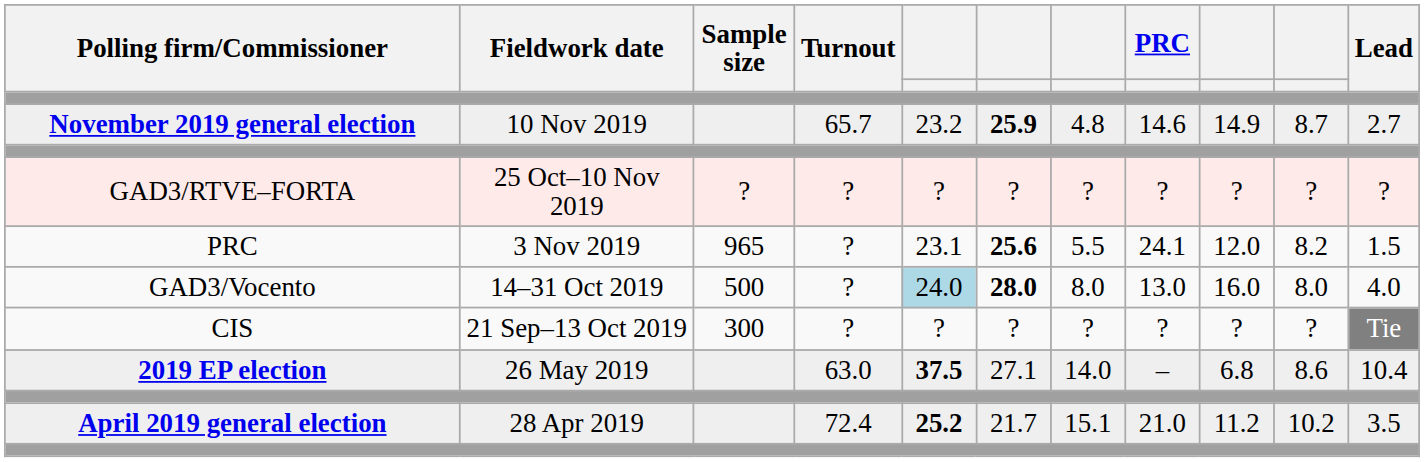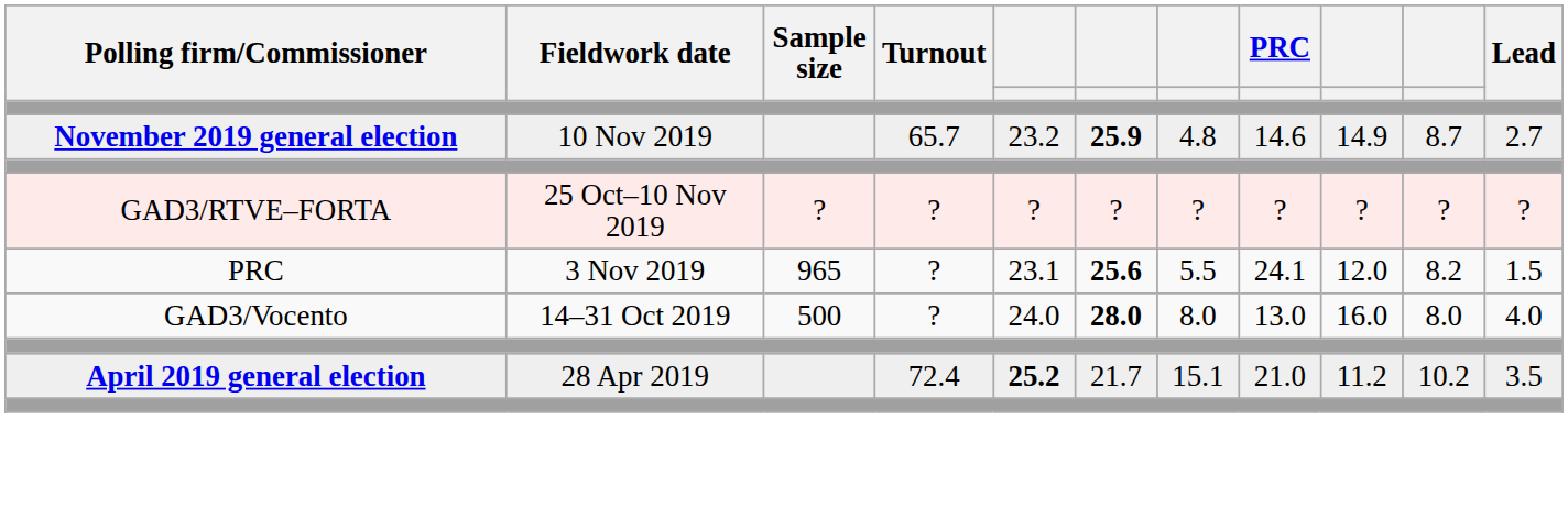 <table class="wikitable collapsible collapsed" style="text-align:center; font-size:95%; line-height:16px;">
 <tr style="height:42px;">
 <th style="width:250px;" rowspan="2">Polling firm/Commissioner</th>
 <th style="width:125px;" rowspan="2">Fieldwork date</th>
 <th style="width:50px;" rowspan="2">Sample size</th>
 <th style="width:45px;" rowspan="2">Turnout</th>
 <th style="width:35px;"></th>
 <th style="width:35px;"></th>
 <th style="width:35px;"></th>
 <th style="width:35px;"><a href='#'>PRC</a></th>
 <th style="width:35px;"></th>
 <th style="width:35px;"></th>
 <th style="width:30px;" rowspan="2">Lead</th>
 </tr>
 <tr>
 <th style="color:inherit;background:"></th>
 <th style="color:inherit;background:"></th>
 <th style="color:inherit;background:"></th>
 <th style="color:inherit;background:"></th>
 <th style="color:inherit;background:"></th>
 <th style="color:inherit;background:"></th>
 </tr>
 <tr>
 <td colspan="11" style="background:#A0A0A0"></td>
 </tr>
 <tr style="background:#EFEFEF;">
 <td><strong><a href='#'>November 2019 general election</a></strong></td>
 <td>10 Nov 2019</td>
 <td></td>
 <td>65.7</td>
 <td>23.2<br></td>
 <td><strong>25.9</strong><br></td>
 <td>4.8<br></td>
 <td>14.6<br></td>
 <td>14.9<br></td>
 <td>8.7<br></td>
 <td style="background:">2.7</td>
 </tr>
 <tr>
 <td colspan="11" style="background:#A0A0A0"></td>
 </tr>
 <tr style="background:#FFEAEA;">
 <td>GAD3/RTVE–FORTA</td>
 <td>25 Oct–10 Nov 2019</td>
 <td>?</td>
 <td>?</td>
 <td>?<br></td>
 <td>?<br></td>
 <td>?<br></td>
 <td>?<br></td>
 <td>?<br></td>
 <td>?<br></td>
 <td style="background:">?</td>
 </tr>
 <tr>
 <td>PRC</td>
 <td>3 Nov 2019</td>
 <td>965</td>
 <td>?</td>
 <td>23.1<br></td>
 <td><strong>25.6</strong><br></td>
 <td>5.5<br></td>
 <td>24.1<br></td>
 <td>12.0<br></td>
 <td>8.2<br></td>
 <td style="background:">1.5</td>
 </tr>
 <tr>
 <td>GAD3/Vocento</td>
 <td>14–31 Oct 2019</td>
 <td>500</td>
 <td>?</td>
-<td style="background: lightblue;">24.0<br></td>
+<td>24.0<br></td>
 <td><strong>28.0</strong><br></td>
 <td>8.0<br></td>
 <td>13.0<br></td>
 <td>16.0<br></td>
 <td>8.0<br></td>
 <td style="background:">4.0</td>
-</tr>
-<tr>
-<td>CIS</td>
-<td>21 Sep–13 Oct 2019</td>
-<td>300</td>
-<td>?</td>
-<td>?<br></td>
-<td>?<br></td>
-<td>?<br></td>
-<td>?<br></td>
-<td>?<br></td>
-<td>?<br></td>
-<td style="background:gray;color:white;">Tie</td>
-</tr>
-<tr style="background:#EFEFEF;">
-<td><strong><a href='#'>2019 EP election</a></strong></td>
-<td>26 May 2019</td>
-<td></td>
-<td>63.0</td>
-<td><strong>37.5</strong><br></td>
-<td>27.1<br></td>
-<td>14.0<br></td>
-<td>–</td>
-<td>6.8<br></td>
-<td>8.6<br></td>
-<td style="background:">10.4</td>
 </tr>
 <tr>
 <td colspan="11" style="background:#A0A0A0"></td>
 </tr>
 <tr style="background:#EFEFEF;">
 <td><strong><a href='#'>April 2019 general election</a></strong></td>
 <td>28 Apr 2019</td>
 <td></td>
 <td>72.4</td>
 <td><strong>25.2</strong><br></td>
 <td>21.7<br></td>
 <td>15.1<br></td>
 <td>21.0<br></td>
 <td>11.2<br></td>
 <td>10.2<br></td>
 <td style="background:">3.5</td>
 </tr>
 <tr>
 <td colspan="11" style="background:#A0A0A0"></td>
 </tr>
 </table>
